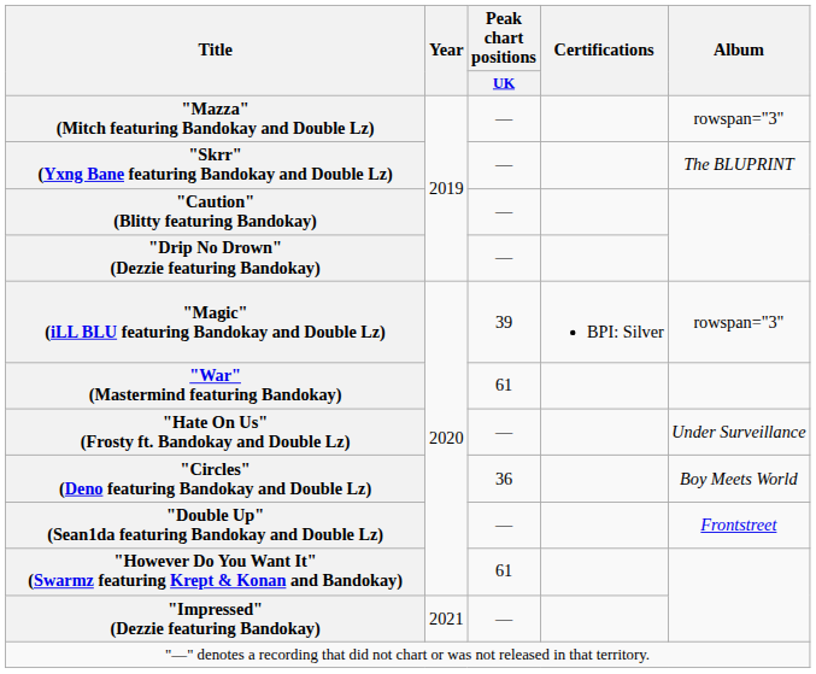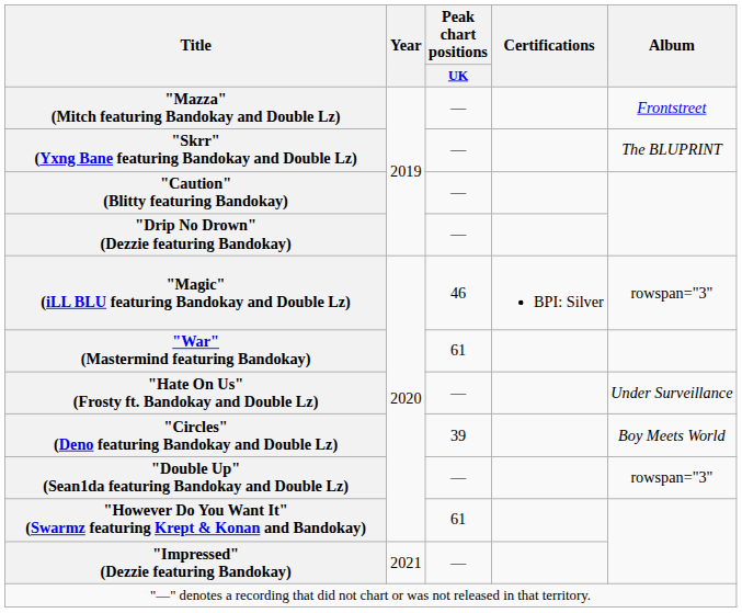 <table class="wikitable plainrowheaders" style="text-align:center;">
 <tr>
 <th scope="col" rowspan="2" style="width:24em;">Title</th>
 <th scope="col" rowspan="2" style="width:1em;">Year</th>
 <th scope="col" colspan="1">Peak chart positions</th>
 <th scope="col" rowspan="2">Certifications</th>
 <th scope="col" rowspan="2">Album</th>
 </tr>
 <tr>
 <th scope="col" style="width:3em;font-size:85%;"><a href='#'>UK</a><br></th>
 </tr>
 <tr>
 <th scope="row">"Mazza"<br><span>(Mitch featuring Bandokay and Double Lz)</span></th>
 <td rowspan="4">2019</td>
 <td>—</td>
 <td></td>
-<td>rowspan="3" </td>
+<td><em><a href='#'>Frontstreet</a></em></td>
 </tr>
 <tr>
 <th scope="row">"Skrr"<br><span>(<a href='#'>Yxng Bane</a> featuring Bandokay and Double Lz)</span></th>
 <td>—</td>
 <td></td>
 <td><em>The BLUPRINT</em></td>
 </tr>
 <tr>
 <th scope="row">"Caution"<br><span>(Blitty featuring Bandokay)</span></th>
 <td>—</td>
 <td></td>
 </tr>
 <tr>
 <th scope="row">"Drip No Drown"<br><span>(Dezzie featuring Bandokay)</span></th>
 <td>—</td>
 <td></td>
 </tr>
 <tr>
 <th scope="row">"Magic"<br><span>(<a href='#'>iLL BLU</a> featuring Bandokay and Double Lz)</span></th>
 <td rowspan="6">2020</td>
-<td>39</td>
+<td>46</td>
 <td><br><ul><li>BPI: Silver</li></ul></td>
 <td>rowspan="3" </td>
 </tr>
 <tr>
 <th scope="row"><a href='#'>"War"</a><br><span>(Mastermind featuring Bandokay)</span></th>
 <td>61</td>
 <td></td>
 <td></td>
 </tr>
 <tr>
 <th scope="row">"Hate On Us"<br><span>(Frosty ft. Bandokay and Double Lz)</span></th>
 <td>—</td>
 <td></td>
 <td><em>Under Surveillance</em></td>
 </tr>
 <tr>
 <th scope="row">"Circles"<br><span>(<a href='#'>Deno</a> featuring Bandokay and Double Lz)</span></th>
-<td>36</td>
+<td>39</td>
 <td></td>
 <td><em>Boy Meets World</em></td>
 </tr>
 <tr>
 <th scope="row">"Double Up"<br><span>(Sean1da featuring Bandokay and Double Lz)</span></th>
 <td>—</td>
 <td></td>
-<td><em><a href='#'>Frontstreet</a></em></td>
+<td>rowspan="3" </td>
 </tr>
 <tr>
 <th scope="row">"However Do You Want It"<br><span>(<a href='#'>Swarmz</a> featuring <a href='#'>Krept & Konan</a> and Bandokay)</span></th>
 <td>61</td>
 <td></td>
 </tr>
 <tr>
 <th scope="row">"Impressed"<br><span>(Dezzie featuring Bandokay)</span></th>
 <td>2021</td>
 <td>—</td>
 <td></td>
 </tr>
 <tr>
 <td colspan="6" style="font-size:90%">"—" denotes a recording that did not chart or was not released in that territory.</td>
 </tr>
 </table>
